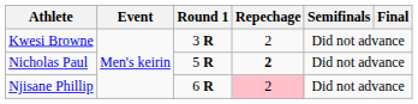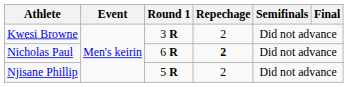 <table class="wikitable" style="font-size:90%;">
 <tr>
 <th>Athlete</th>
 <th>Event</th>
 <th>Round 1</th>
 <th>Repechage</th>
 <th>Semifinals</th>
 <th>Final</th>
 </tr>
 <tr align=center>
 <td align=left><a href='#'>Kwesi Browne</a></td>
 <td align=left rowspan=3><a href='#'>Men's keirin</a></td>
 <td>3 <strong>R</strong></td>
 <td>2</td>
 <td colspan=2>Did not advance</td>
 </tr>
 <tr align=center>
 <td align=left><a href='#'>Nicholas Paul</a></td>
-<td>5 <strong>R</strong></td>
+<td>6 <strong>R</strong></td>
 <td><strong>2</strong></td>
 <td colspan=2>Did not advance</td>
 </tr>
 <tr align=center>
 <td align=left><a href='#'>Njisane Phillip</a></td>
-<td>6 <strong>R</strong></td>
-<td style="background: pink;">2</td>
+<td>5 <strong>R</strong></td>
+<td>2</td>
 <td colspan=2>Did not advance</td>
 </tr>
 </table>
